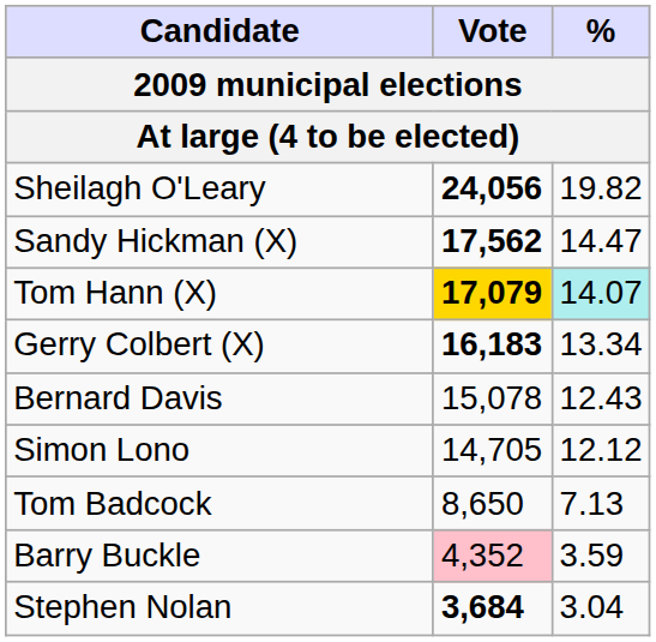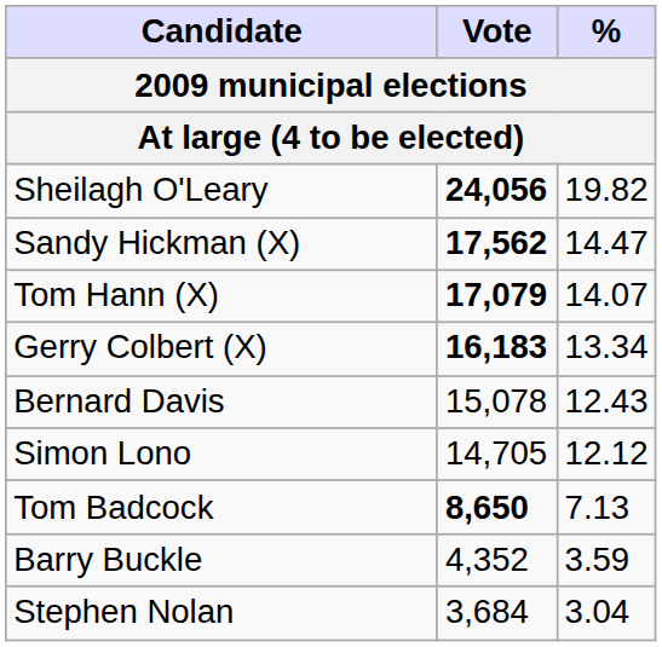 <table class="wikitable">
 <tr>
 <th style="background:#ddf; width:200px;">Candidate</th>
 <th style="background:#ddf; width:50px;">Vote</th>
 <th style="background:#ddf; width:30px;">%</th>
 </tr>
 <tr>
 <th colspan="3">2009 municipal elections</th>
 </tr>
 <tr>
 <th colspan="3">At large (4 to be elected)</th>
 </tr>
 <tr>
 <td>Sheilagh O'Leary</td>
 <td><strong>24,056</strong></td>
 <td>19.82</td>
 </tr>
 <tr>
 <td>Sandy Hickman (X)</td>
 <td><strong>17,562</strong></td>
 <td>14.47</td>
 </tr>
 <tr>
 <td>Tom Hann (X)</td>
-<td style="background: gold;"><strong>17,079</strong></td>
-<td style="background: paleturquoise;">14.07</td>
+<td><strong>17,079</strong></td>
+<td>14.07</td>
 </tr>
 <tr>
 <td>Gerry Colbert (X)</td>
 <td><strong>16,183</strong></td>
 <td>13.34</td>
 </tr>
 <tr>
 <td>Bernard Davis</td>
 <td>15,078</td>
 <td>12.43</td>
 </tr>
 <tr>
 <td>Simon Lono</td>
 <td>14,705</td>
 <td>12.12</td>
 </tr>
 <tr>
 <td>Tom Badcock</td>
-<td>8,650</td>
+<td><strong>8,650</strong></td>
 <td>7.13</td>
 </tr>
 <tr>
 <td>Barry Buckle</td>
-<td style="background: pink;">4,352</td>
+<td>4,352</td>
 <td>3.59</td>
 </tr>
 <tr>
 <td>Stephen Nolan</td>
-<td><strong>3,684</strong></td>
+<td>3,684</td>
 <td>3.04</td>
 </tr>
 </table>
